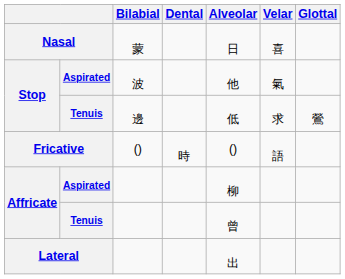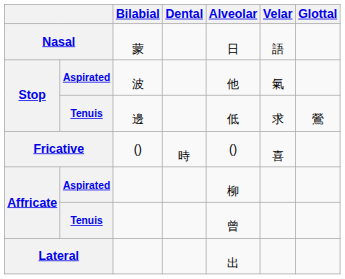 <table class="wikitable">
 <tr>
 <th colspan=2></th>
 <th><a href='#'>Bilabial</a></th>
 <th><a href='#'>Dental</a></th>
 <th><a href='#'>Alveolar</a></th>
 <th><a href='#'>Velar</a></th>
 <th><a href='#'>Glottal</a></th>
 </tr>
 <tr align=center>
 <th colspan=2><a href='#'>Nasal</a></th>
 <td><br>蒙</td>
 <td></td>
 <td><br>日</td>
-<td><br>喜</td>
+<td><br>語</td>
 <td></td>
 </tr>
 <tr align=center>
 <th rowspan=2><a href='#'>Stop</a></th>
 <th><small><a href='#'>Aspirated</a></small></th>
 <td><br>波</td>
 <td></td>
 <td><br>他</td>
 <td><br>氣</td>
 <td></td>
 </tr>
 <tr align=center>
 <th><small><a href='#'>Tenuis</a></small></th>
 <td><br>邊</td>
 <td></td>
 <td><br>低</td>
 <td><br>求</td>
 <td><br>鶯</td>
 </tr>
 <tr align=center>
 <th colspan=2><a href='#'>Fricative</a></th>
 <td>(<em></em>)</td>
 <td><br>時</td>
 <td>(<em></em>)</td>
-<td><br>語</td>
+<td><br>喜</td>
 <td></td>
 </tr>
 <tr align=center>
 <th rowspan=2><a href='#'>Affricate</a></th>
 <th><small><a href='#'>Aspirated</a></small></th>
 <td></td>
 <td></td>
 <td><br>柳</td>
 <td></td>
 <td></td>
 </tr>
 <tr align=center>
 <th><small><a href='#'>Tenuis</a></small></th>
 <td></td>
 <td></td>
 <td><br>曾</td>
 <td></td>
 <td></td>
 </tr>
 <tr align=center>
 <th colspan=2><a href='#'>Lateral</a></th>
 <td></td>
 <td></td>
 <td><br>出</td>
 <td></td>
 <td></td>
 </tr>
 </table>
